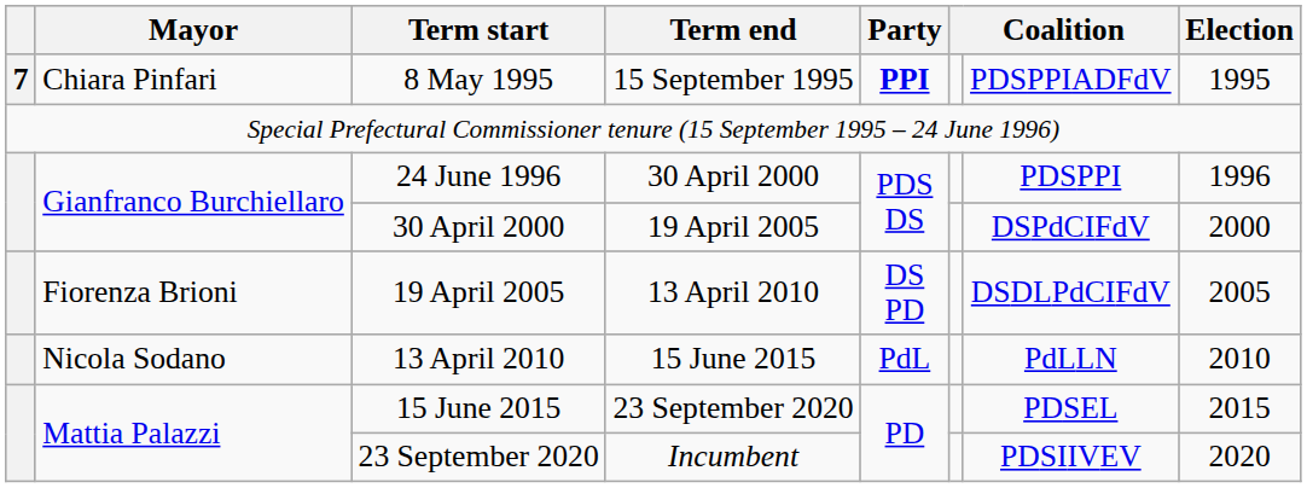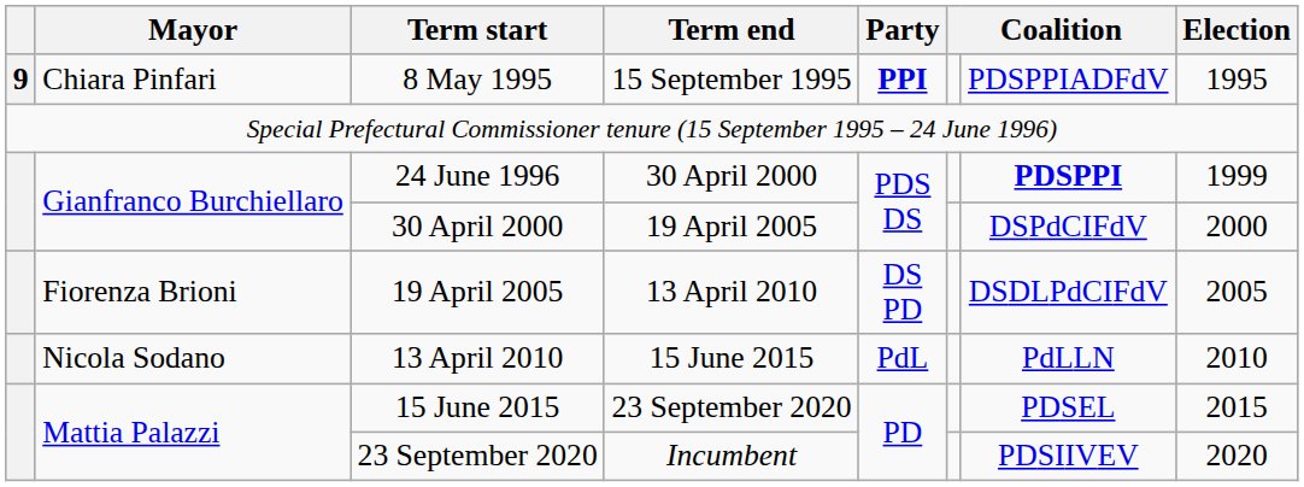 <table class="wikitable">
 <tr>
 <th class=unsortable> </th>
 <th>Mayor</th>
 <th>Term start</th>
 <th>Term end</th>
 <th>Party</th>
 <th colspan="2">Coalition</th>
 <th>Election</th>
 </tr>
 <tr>
-<th style="background:">7</th>
+<th style="background:">9</th>
 <td>Chiara Pinfari</td>
 <td align=center>8 May 1995</td>
 <td align=center>15 September 1995</td>
 <td align=center><strong><a href='#'>PPI</a></strong></td>
 <td style="background: "></td>
 <td align=center><a href='#'>PDS</a><a href='#'>PPI</a><a href='#'>AD</a><a href='#'>FdV</a></td>
 <td align=center>1995</td>
 </tr>
 <tr>
 <td colspan=8 align=center><small><em>Special Prefectural Commissioner tenure (15 September 1995 – 24 June 1996)</em></small></td>
 </tr>
 <tr>
 <th rowspan=2 style="background:"></th>
 <td rowspan=2><a href='#'>Gianfranco Burchiellaro</a></td>
 <td align=center>24 June 1996</td>
 <td align=center>30 April 2000</td>
 <td rowspan=2 align=center><a href='#'>PDS</a><br><a href='#'>DS</a></td>
 <td style="background: "></td>
-<td align=center><a href='#'>PDS</a><a href='#'>PPI</a></td>
-<td align=center>1996</td>
+<td align=center><strong><a href='#'>PDS</a><a href='#'>PPI</a></strong></td>
+<td align=center>1999</td>
 </tr>
 <tr>
 <td align=center>30 April 2000</td>
 <td align=center>19 April 2005</td>
 <td style="background: "></td>
 <td align=center><a href='#'>DS</a><a href='#'>PdCI</a><a href='#'>FdV</a></td>
 <td align=center>2000</td>
 </tr>
 <tr>
 <th style="background:"></th>
 <td>Fiorenza Brioni</td>
 <td align=center>19 April 2005</td>
 <td align=center>13 April 2010</td>
 <td align=center><a href='#'>DS</a><br><a href='#'>PD</a></td>
 <td style="background: "></td>
 <td align=center><a href='#'>DS</a><a href='#'>DL</a><a href='#'>PdCI</a><a href='#'>FdV</a></td>
 <td align=center>2005</td>
 </tr>
 <tr>
 <th style="background:"></th>
 <td>Nicola Sodano</td>
 <td align=center>13 April 2010</td>
 <td align=center>15 June 2015</td>
 <td align=center><a href='#'>PdL</a></td>
 <td style="background: "></td>
 <td align=center><a href='#'>PdL</a><a href='#'>LN</a></td>
 <td align=center>2010</td>
 </tr>
 <tr>
 <th rowspan=2 style="background:"></th>
 <td rowspan=2><a href='#'>Mattia Palazzi</a></td>
 <td align=center>15 June 2015</td>
 <td align=center>23 September 2020</td>
 <td rowspan=2 align=center><a href='#'>PD</a></td>
 <td style="background: "></td>
 <td align=center><a href='#'>PD</a><a href='#'>SEL</a></td>
 <td align=center>2015</td>
 </tr>
 <tr>
 <td align=center>23 September 2020</td>
 <td align=center><em>Incumbent</em></td>
 <td style="background: "></td>
 <td align=center><a href='#'>PD</a><a href='#'>SI</a><a href='#'>IV</a><a href='#'>EV</a></td>
 <td align=center>2020</td>
 </tr>
 </table>
